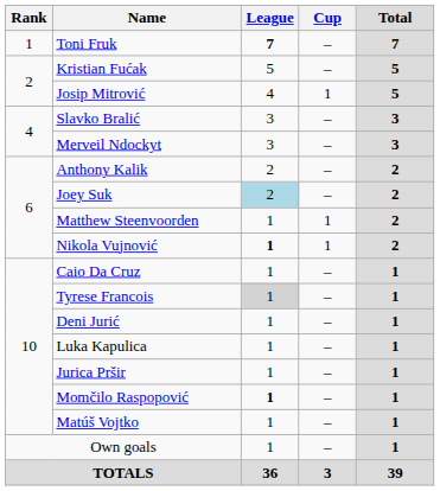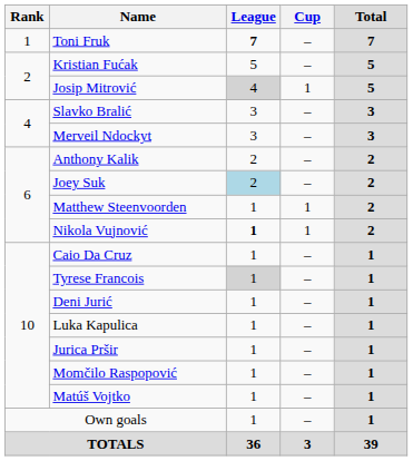 <table class="wikitable" style="font-size: 95%; text-align: center;">
 <tr>
 <th width=40>Rank</th>
 <th width=180>Name</th>
 <th width=50><a href='#'>League</a></th>
 <th width=50><a href='#'>Cup</a></th>
 <th width=70 style="background: #DCDCDC">Total</th>
 </tr>
 <tr>
 <td>1</td>
 <td style="text-align:left;"> <a href='#'>Toni Fruk</a></td>
 <td><strong>7</strong></td>
 <td>–</td>
 <th style="background: #DCDCDC">7</th>
 </tr>
 <tr>
 <td rowspan=2>2</td>
 <td style="text-align:left;"> <a href='#'>Kristian Fućak</a></td>
 <td>5</td>
 <td>–</td>
 <th style="background: #DCDCDC">5</th>
 </tr>
 <tr>
 <td style="text-align:left;"> <a href='#'>Josip Mitrović</a></td>
-<td>4</td>
+<td style="background: lightgrey;">4</td>
 <td>1</td>
 <th style="background: #DCDCDC">5</th>
 </tr>
 <tr>
 <td rowspan=2>4</td>
 <td style="text-align:left;"> <a href='#'>Slavko Bralić</a></td>
 <td>3</td>
 <td>–</td>
 <th style="background: #DCDCDC">3</th>
 </tr>
 <tr>
 <td style="text-align:left;"> <a href='#'>Merveil Ndockyt</a></td>
 <td>3</td>
 <td>–</td>
 <th style="background: #DCDCDC">3</th>
 </tr>
 <tr>
 <td rowspan=4>6</td>
 <td style="text-align:left;"> <a href='#'>Anthony Kalik</a></td>
 <td>2</td>
 <td>–</td>
 <th style="background: #DCDCDC">2</th>
 </tr>
 <tr>
 <td style="text-align:left;"> <a href='#'>Joey Suk</a></td>
 <td style="background: lightblue;">2</td>
 <td>–</td>
 <th style="background: #DCDCDC">2</th>
 </tr>
 <tr>
 <td style="text-align:left;"> <a href='#'>Matthew Steenvoorden</a></td>
 <td>1</td>
 <td>1</td>
 <th style="background: #DCDCDC">2</th>
 </tr>
 <tr>
 <td style="text-align:left;"> <a href='#'>Nikola Vujnović</a></td>
 <td><strong>1</strong></td>
 <td>1</td>
 <th style="background: #DCDCDC">2</th>
 </tr>
 <tr>
 <td rowspan=7>10</td>
 <td style="text-align:left;"> <a href='#'>Caio Da Cruz</a></td>
 <td>1</td>
 <td>–</td>
 <th style="background: #DCDCDC">1</th>
 </tr>
 <tr>
 <td style="text-align:left;"> <a href='#'>Tyrese Francois</a></td>
 <td style="background: lightgrey;">1</td>
 <td>–</td>
 <th style="background: #DCDCDC">1</th>
 </tr>
 <tr>
 <td style="text-align:left;"> <a href='#'>Deni Jurić</a></td>
 <td>1</td>
 <td>–</td>
 <th style="background: #DCDCDC">1</th>
 </tr>
 <tr>
 <td style="text-align:left;"> Luka Kapulica</td>
 <td>1</td>
 <td>–</td>
 <th style="background: #DCDCDC">1</th>
 </tr>
 <tr>
 <td style="text-align:left;"> <a href='#'>Jurica Pršir</a></td>
 <td>1</td>
 <td>–</td>
 <th style="background: #DCDCDC">1</th>
 </tr>
 <tr>
 <td style="text-align:left;"> <a href='#'>Momčilo Raspopović</a></td>
-<td><strong>1</strong></td>
+<td>1</td>
 <td>–</td>
 <th style="background: #DCDCDC">1</th>
 </tr>
 <tr>
 <td style="text-align:left;"> <a href='#'>Matúš Vojtko</a></td>
 <td>1</td>
 <td>–</td>
 <th style="background: #DCDCDC">1</th>
 </tr>
 <tr>
 <td colspan=2 style="text-align:center;">Own goals</td>
 <td>1</td>
 <td>–</td>
 <th style="background: #DCDCDC">1</th>
 </tr>
 <tr>
 <th colspan="2" align="center" style="background: #DCDCDC">TOTALS</th>
 <th style="background: #DCDCDC">36</th>
 <th style="background: #DCDCDC">3</th>
 <th style="background: #DCDCDC">39</th>
 </tr>
 </table>
